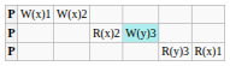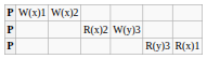 <table border="1" class="wikitable">
 <tr>
 <th>P</th>
 <td>W(x)1</td>
 <td>W(x)2</td>
 <td></td>
 <td></td>
 <td></td>
 <td></td>
 </tr>
 <tr>
 <th>P</th>
 <td></td>
 <td></td>
 <td>R(x)2</td>
-<td style="background: paleturquoise;">W(y)3</td>
+<td>W(y)3</td>
 <td></td>
 <td></td>
 </tr>
 <tr>
 <th>P</th>
 <td></td>
 <td></td>
 <td></td>
 <td></td>
 <td>R(y)3</td>
 <td>R(x)1</td>
 </tr>
 </table>
